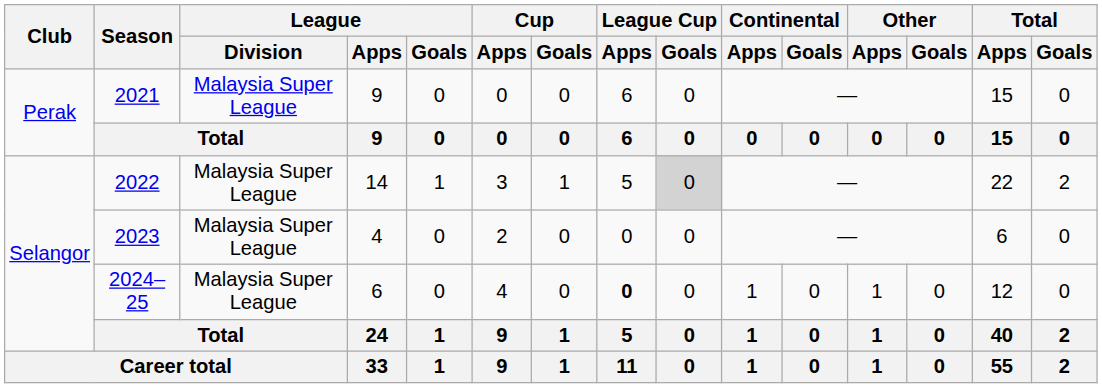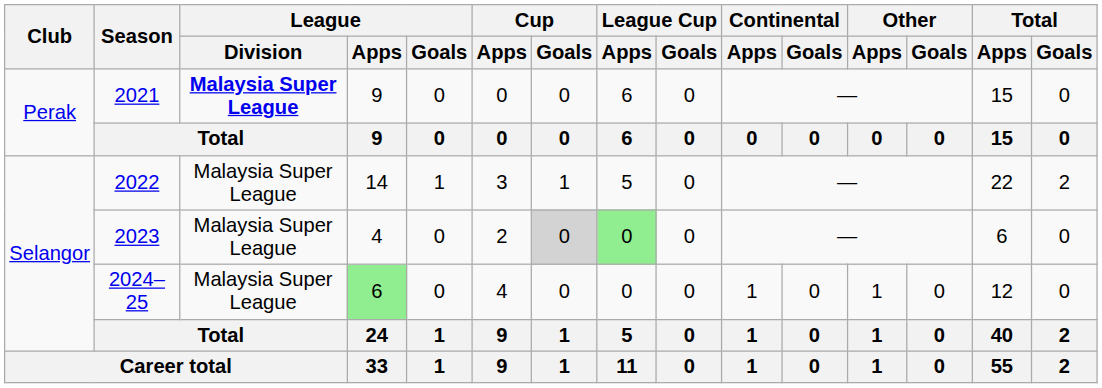 <table class="wikitable" style="text-align: center;">
 <tr>
 <th rowspan="2">Club</th>
 <th rowspan="2">Season</th>
 <th colspan="3">League</th>
 <th colspan="2">Cup</th>
 <th colspan="2">League Cup</th>
 <th colspan="2">Continental</th>
 <th colspan="2">Other</th>
 <th colspan="2">Total</th>
 </tr>
 <tr>
 <th>Division</th>
 <th>Apps</th>
 <th>Goals</th>
 <th>Apps</th>
 <th>Goals</th>
 <th>Apps</th>
 <th>Goals</th>
 <th>Apps</th>
 <th>Goals</th>
 <th>Apps</th>
 <th>Goals</th>
 <th>Apps</th>
 <th>Goals</th>
 </tr>
 <tr>
 <td rowspan="2" valign="center"><a href='#'>Perak</a></td>
 <td><a href='#'>2021</a></td>
-<td><a href='#'>Malaysia Super League</a></td>
+<td><strong><a href='#'>Malaysia Super League</a></strong></td>
 <td>9</td>
 <td>0</td>
 <td>0</td>
 <td>0</td>
 <td>6</td>
 <td>0</td>
 <td colspan=4>—</td>
 <td>15</td>
 <td>0</td>
 </tr>
 <tr>
 <th colspan="2">Total</th>
 <th>9</th>
 <th>0</th>
 <th>0</th>
 <th>0</th>
 <th>6</th>
 <th>0</th>
 <th>0</th>
 <th>0</th>
 <th>0</th>
 <th>0</th>
 <th>15</th>
 <th>0</th>
 </tr>
 <tr>
 <td rowspan="4" valign="center"><a href='#'>Selangor</a></td>
 <td><a href='#'>2022</a></td>
 <td>Malaysia Super League</td>
 <td>14</td>
 <td>1</td>
 <td>3</td>
 <td>1</td>
 <td>5</td>
-<td style="background: lightgrey;">0</td>
+<td>0</td>
 <td colspan=4>—</td>
 <td>22</td>
 <td>2</td>
 </tr>
 <tr>
 <td><a href='#'>2023</a></td>
 <td>Malaysia Super League</td>
 <td>4</td>
 <td>0</td>
 <td>2</td>
-<td>0</td>
-<td>0</td>
+<td style="background: lightgrey;">0</td>
+<td style="background: lightgreen;">0</td>
 <td>0</td>
 <td colspan=4>—</td>
 <td>6</td>
 <td>0</td>
 </tr>
 <tr>
 <td><a href='#'>2024–25</a></td>
 <td>Malaysia Super League</td>
-<td>6</td>
+<td style="background: lightgreen;">6</td>
 <td>0</td>
 <td>4</td>
 <td>0</td>
-<td><strong>0</strong></td>
+<td>0</td>
 <td>0</td>
 <td>1</td>
 <td>0</td>
 <td>1</td>
 <td>0</td>
 <td>12</td>
 <td>0</td>
 </tr>
 <tr>
 <th colspan="2">Total</th>
 <th>24</th>
 <th>1</th>
 <th>9</th>
 <th>1</th>
 <th>5</th>
 <th>0</th>
 <th>1</th>
 <th>0</th>
 <th>1</th>
 <th>0</th>
 <th>40</th>
 <th>2</th>
 </tr>
 <tr>
 <th colspan="3">Career total</th>
 <th>33</th>
 <th>1</th>
 <th>9</th>
 <th>1</th>
 <th>11</th>
 <th>0</th>
 <th>1</th>
 <th>0</th>
 <th>1</th>
 <th>0</th>
 <th>55</th>
 <th>2</th>
 </tr>
 </table>
